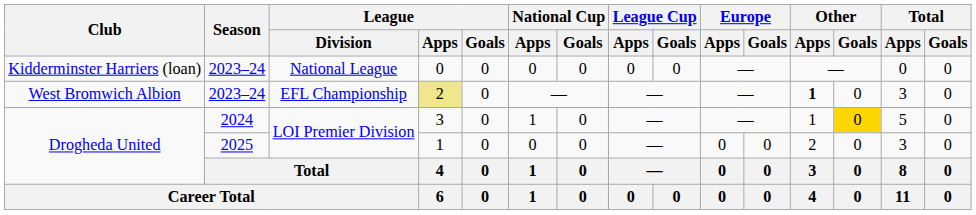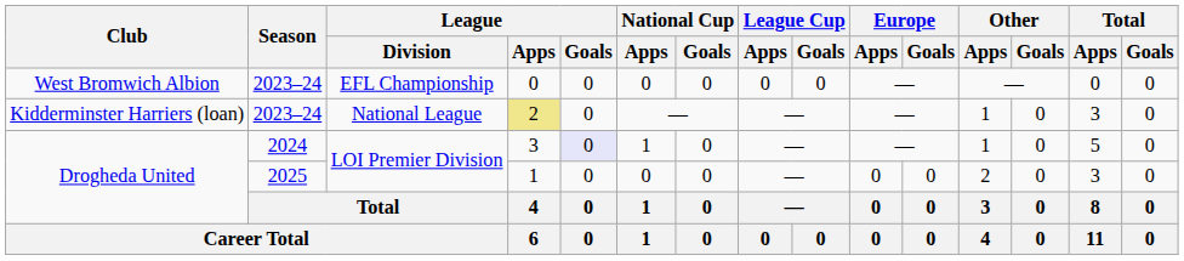 <table class=wikitable style="text-align: center">
 <tr>
 <th rowspan=2>Club</th>
 <th rowspan=2>Season</th>
 <th colspan=3>League</th>
 <th colspan=2>National Cup</th>
 <th colspan=2><a href='#'>League Cup</a></th>
 <th colspan=2><a href='#'>Europe</a></th>
 <th colspan=2>Other</th>
 <th colspan=2>Total</th>
 </tr>
 <tr>
 <th>Division</th>
 <th>Apps</th>
 <th>Goals</th>
 <th>Apps</th>
 <th>Goals</th>
 <th>Apps</th>
 <th>Goals</th>
 <th>Apps</th>
 <th>Goals</th>
 <th>Apps</th>
 <th>Goals</th>
 <th>Apps</th>
 <th>Goals</th>
 </tr>
 <tr>
-<td><a href='#'>Kidderminster Harriers</a> (loan)</td>
+<td><a href='#'>West Bromwich Albion</a></td>
 <td><a href='#'>2023–24</a></td>
-<td><a href='#'>National League</a></td>
+<td><a href='#'>EFL Championship</a></td>
 <td>0</td>
 <td>0</td>
 <td>0</td>
 <td>0</td>
 <td>0</td>
 <td>0</td>
 <td colspan="2">—</td>
 <td colspan="2">—</td>
 <td>0</td>
 <td>0</td>
 </tr>
 <tr>
-<td><a href='#'>West Bromwich Albion</a></td>
+<td><a href='#'>Kidderminster Harriers</a> (loan)</td>
 <td><a href='#'>2023–24</a></td>
-<td><a href='#'>EFL Championship</a></td>
+<td><a href='#'>National League</a></td>
 <td style="background: khaki;">2</td>
 <td>0</td>
 <td colspan="2">—</td>
 <td colspan="2">—</td>
 <td colspan="2">—</td>
-<td><strong>1</strong></td>
+<td>1</td>
 <td>0</td>
 <td>3</td>
 <td>0</td>
 </tr>
 <tr>
 <td rowspan="3"><a href='#'>Drogheda United</a></td>
 <td><a href='#'>2024</a></td>
 <td rowspan="2"><a href='#'>LOI Premier Division</a></td>
 <td>3</td>
-<td>0</td>
+<td style="background: lavender;">0</td>
 <td>1</td>
 <td>0</td>
 <td colspan="2">—</td>
 <td colspan="2">—</td>
 <td>1</td>
-<td style="background: gold;">0</td>
+<td>0</td>
 <td>5</td>
 <td>0</td>
 </tr>
 <tr>
 <td><a href='#'>2025</a></td>
 <td>1</td>
 <td>0</td>
 <td>0</td>
 <td>0</td>
 <td colspan="2">—</td>
 <td>0</td>
 <td>0</td>
 <td>2</td>
 <td>0</td>
 <td>3</td>
 <td>0</td>
 </tr>
 <tr>
 <th colspan="2">Total</th>
 <th>4</th>
 <th>0</th>
 <th>1</th>
 <th>0</th>
 <th colspan="2">—</th>
 <th>0</th>
 <th>0</th>
 <th>3</th>
 <th>0</th>
 <th>8</th>
 <th>0</th>
 </tr>
 <tr>
 <th colspan="3">Career Total</th>
 <th>6</th>
 <th>0</th>
 <th>1</th>
 <th>0</th>
 <th>0</th>
 <th>0</th>
 <th>0</th>
 <th>0</th>
 <th>4</th>
 <th>0</th>
 <th>11</th>
 <th>0</th>
 </tr>
 </table>
